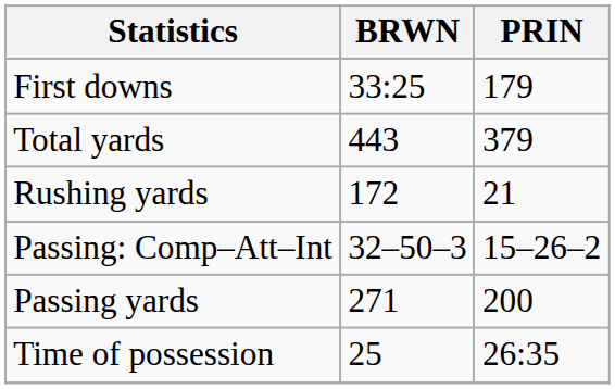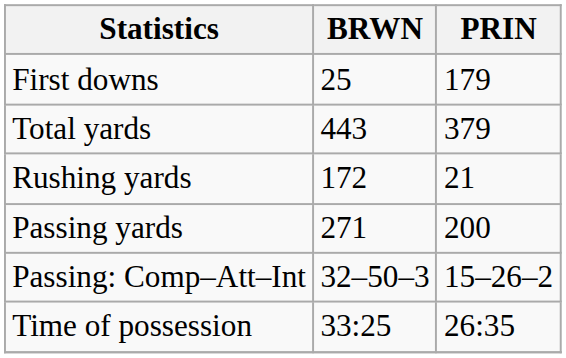 <table class="wikitable" style="float: left;">
 <tr>
 <th>Statistics</th>
 <th>BRWN</th>
 <th>PRIN</th>
 </tr>
 <tr>
 <td>First downs</td>
-<td>33:25</td>
+<td>25</td>
 <td>179</td>
 </tr>
 <tr>
 <td>Total yards</td>
 <td>443</td>
 <td>379</td>
 </tr>
 <tr>
 <td>Rushing yards</td>
 <td>172</td>
 <td>21</td>
 </tr>
 <tr>
+<td>Passing yards</td>
+<td>271</td>
+<td>200</td>
+</tr>
+<tr>
 <td>Passing: Comp–Att–Int</td>
 <td>32–50–3</td>
 <td>15–26–2</td>
 </tr>
 <tr>
-<td>Passing yards</td>
-<td>271</td>
-<td>200</td>
-</tr>
-<tr>
 <td>Time of possession</td>
-<td>25</td>
+<td>33:25</td>
 <td>26:35</td>
 </tr>
 <tr>
 </tr>
 </table>
